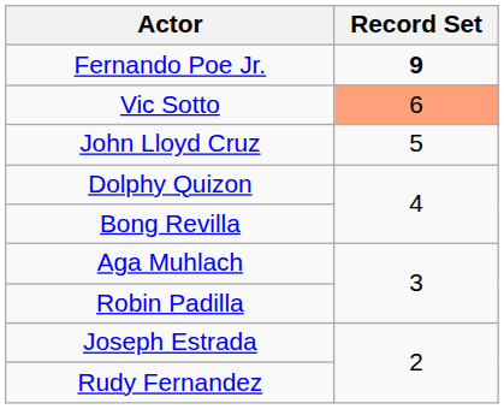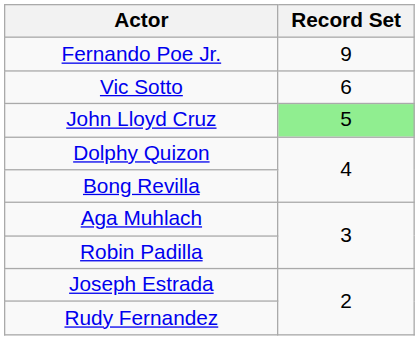 <table class="wikitable" style="width:25%; text-align:center">
 <tr>
 <th width=15%>Actor</th>
 <th width=5%>Record Set</th>
 </tr>
 <tr>
 <td><a href='#'>Fernando Poe Jr.</a></td>
-<td><strong>9</strong></td>
+<td>9</td>
 </tr>
 <tr>
 <td><a href='#'>Vic Sotto</a></td>
-<td style="background: lightsalmon;">6</td>
+<td>6</td>
 </tr>
 <tr>
 <td><a href='#'>John Lloyd Cruz</a></td>
-<td>5</td>
+<td style="background: lightgreen;">5</td>
 </tr>
 <tr>
 <td><a href='#'>Dolphy Quizon</a></td>
 <td rowspan=2>4</td>
 </tr>
 <tr>
 <td><a href='#'>Bong Revilla</a></td>
 </tr>
 <tr>
 <td><a href='#'>Aga Muhlach</a></td>
 <td rowspan=2>3</td>
 </tr>
 <tr>
 <td><a href='#'>Robin Padilla</a></td>
 </tr>
 <tr>
 <td><a href='#'>Joseph Estrada</a></td>
 <td rowspan=2>2</td>
 </tr>
 <tr>
 <td><a href='#'>Rudy Fernandez</a></td>
 </tr>
 </table>
